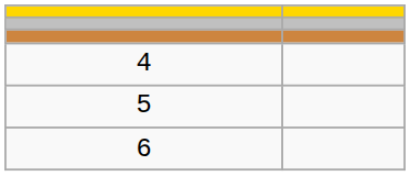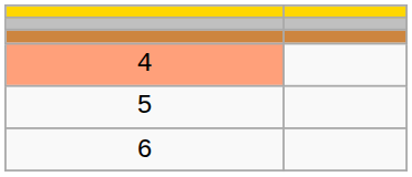 <table class="wikitable" style="width:200px;">
 <tr style="background:gold;">
 <td align=center></td>
 <td></td>
 </tr>
 <tr style="background:silver;">
 <td align=center></td>
 <td></td>
 </tr>
 <tr style="background:peru;">
 <td align=center></td>
 <td></td>
 </tr>
 <tr>
-<td align=center>4</td>
+<td align=center style="background: lightsalmon;">4</td>
 <td></td>
 </tr>
 <tr>
 <td align=center>5</td>
 <td></td>
 </tr>
 <tr>
 <td align=center>6</td>
 <td></td>
 </tr>
 </table>
